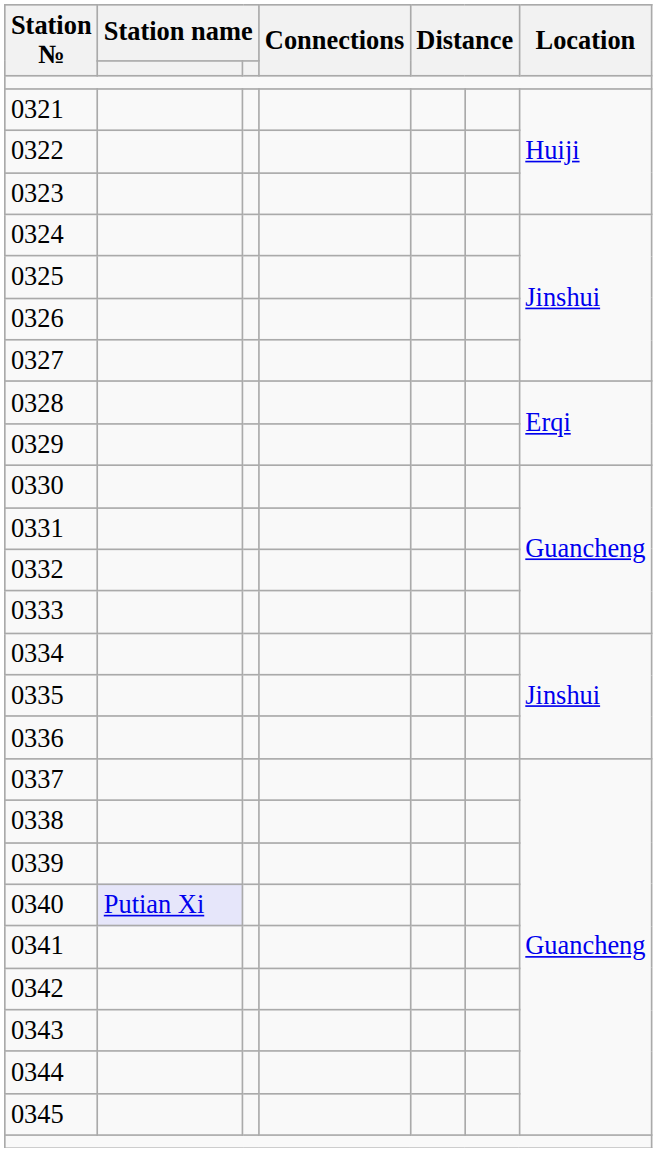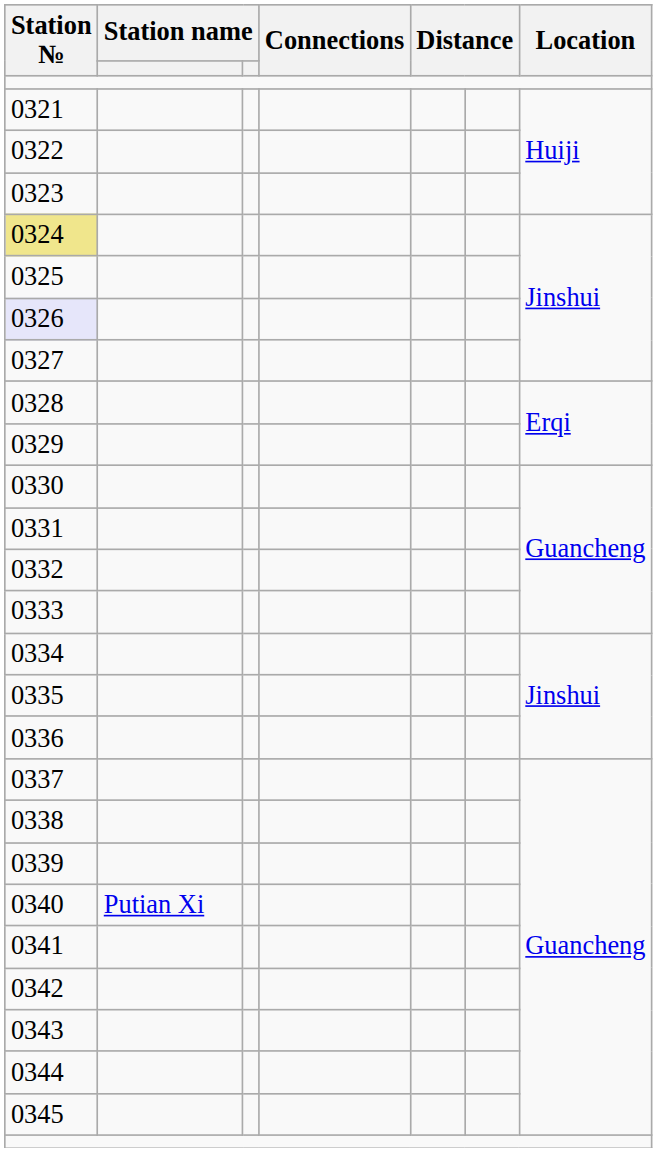 <table class="wikitable">
 <tr>
 <th rowspan="2">Station<br>№</th>
 <th colspan="2">Station name</th>
 <th rowspan="2">Connections</th>
 <th colspan="2" rowspan="2">Distance<br></th>
 <th rowspan="2">Location</th>
 </tr>
 <tr>
 <th></th>
 <th></th>
 </tr>
 <tr style="background:#">
 <td colspan="7"></td>
 </tr>
 <tr>
 <td>0321</td>
 <td></td>
 <td></td>
 <td></td>
 <td></td>
 <td></td>
 <td rowspan="3"><a href='#'>Huiji</a></td>
 </tr>
 <tr>
 <td>0322</td>
 <td></td>
 <td></td>
 <td></td>
 <td></td>
 <td></td>
 </tr>
 <tr>
 <td>0323</td>
 <td></td>
 <td></td>
 <td></td>
 <td></td>
 <td></td>
 </tr>
 <tr>
-<td>0324</td>
+<td style="background: khaki;">0324</td>
 <td></td>
 <td></td>
 <td></td>
 <td></td>
 <td></td>
 <td rowspan="4"><a href='#'>Jinshui</a></td>
 </tr>
 <tr>
 <td>0325</td>
 <td></td>
 <td></td>
 <td></td>
 <td></td>
 <td></td>
 </tr>
 <tr>
-<td>0326</td>
+<td style="background: lavender;">0326</td>
 <td></td>
 <td></td>
 <td></td>
 <td></td>
 <td></td>
 </tr>
 <tr>
 <td>0327</td>
 <td></td>
 <td></td>
 <td></td>
 <td></td>
 <td></td>
 </tr>
 <tr>
 <td>0328</td>
 <td></td>
 <td></td>
 <td></td>
 <td></td>
 <td></td>
 <td rowspan="2"><a href='#'>Erqi</a></td>
 </tr>
 <tr>
 <td>0329</td>
 <td></td>
 <td></td>
 <td></td>
 <td></td>
 <td></td>
 </tr>
 <tr>
 <td>0330</td>
 <td></td>
 <td></td>
 <td></td>
 <td></td>
 <td></td>
 <td rowspan="4"><a href='#'>Guancheng</a></td>
 </tr>
 <tr>
 <td>0331</td>
 <td></td>
 <td></td>
 <td></td>
 <td></td>
 <td></td>
 </tr>
 <tr>
 <td>0332</td>
 <td></td>
 <td></td>
 <td></td>
 <td></td>
 <td></td>
 </tr>
 <tr>
 <td>0333</td>
 <td></td>
 <td></td>
 <td></td>
 <td></td>
 <td></td>
 </tr>
 <tr>
 <td>0334</td>
 <td></td>
 <td></td>
 <td></td>
 <td></td>
 <td></td>
 <td rowspan="3"><a href='#'>Jinshui</a></td>
 </tr>
 <tr>
 <td>0335</td>
 <td></td>
 <td></td>
 <td></td>
 <td></td>
 <td></td>
 </tr>
 <tr>
 <td>0336</td>
 <td></td>
 <td></td>
 <td></td>
 <td></td>
 <td></td>
 </tr>
 <tr>
 <td>0337</td>
 <td></td>
 <td></td>
 <td></td>
 <td></td>
 <td></td>
 <td rowspan="9"><a href='#'>Guancheng</a></td>
 </tr>
 <tr>
 <td>0338</td>
 <td></td>
 <td></td>
 <td></td>
 <td></td>
 <td></td>
 </tr>
 <tr>
 <td>0339</td>
 <td></td>
 <td></td>
 <td></td>
 <td></td>
 <td></td>
 </tr>
 <tr>
 <td>0340</td>
-<td style="background: lavender;"><a href='#'>Putian Xi</a></td>
+<td><a href='#'>Putian Xi</a></td>
 <td></td>
 <td></td>
 <td></td>
 <td></td>
 </tr>
 <tr>
 <td>0341</td>
 <td></td>
 <td></td>
 <td></td>
 <td></td>
 <td></td>
 </tr>
 <tr>
 <td>0342</td>
 <td></td>
 <td></td>
 <td></td>
 <td></td>
 <td></td>
 </tr>
 <tr>
 <td>0343</td>
 <td></td>
 <td></td>
 <td></td>
 <td></td>
 <td></td>
 </tr>
 <tr>
 <td>0344</td>
 <td></td>
 <td></td>
 <td></td>
 <td></td>
 <td></td>
 </tr>
 <tr>
 <td>0345</td>
 <td></td>
 <td></td>
 <td></td>
 <td></td>
 <td></td>
 </tr>
 <tr style="background:#">
 <td colspan = "7"></td>
 </tr>
 </table>
